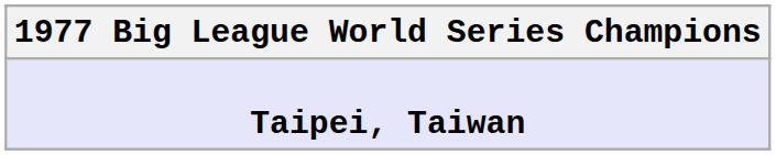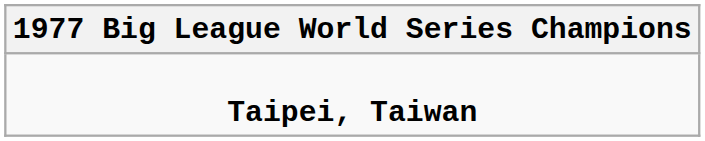 <table class="wikitable" style="text-align: center; margin: 0 auto;">
 <tr>
 <th>1977 Big League World Series Champions</th>
 </tr>
 <tr>
-<td style="background: lavender;"><br><strong>Taipei, Taiwan</strong></td>
+<td><br><strong>Taipei, Taiwan</strong></td>
 </tr>
 </table>
